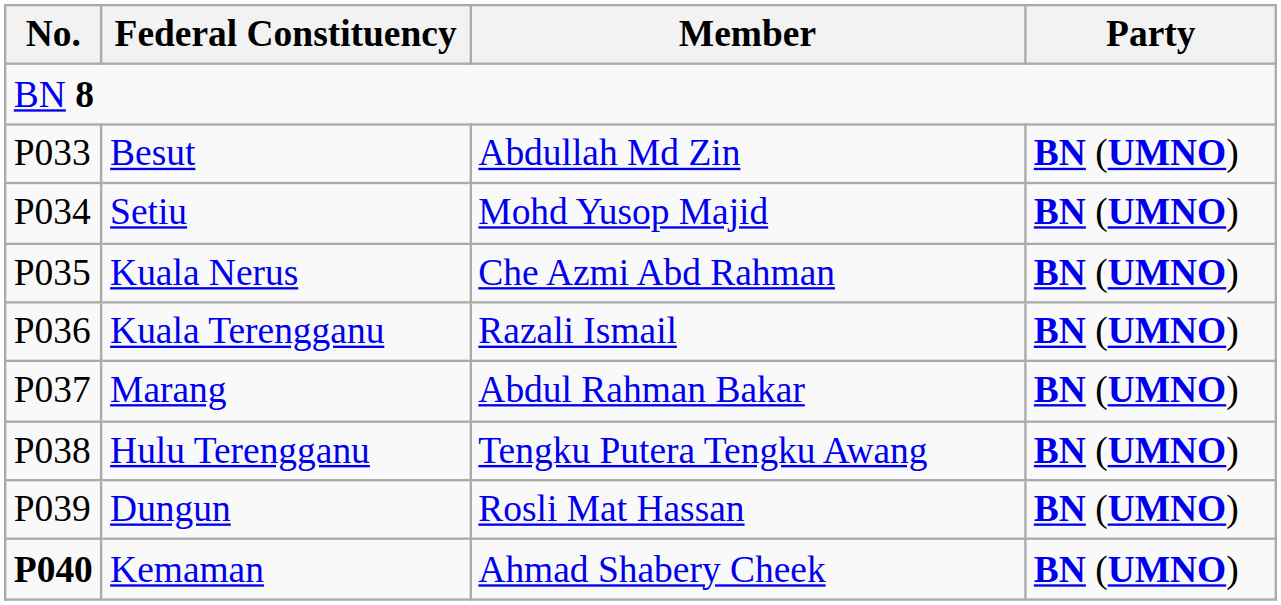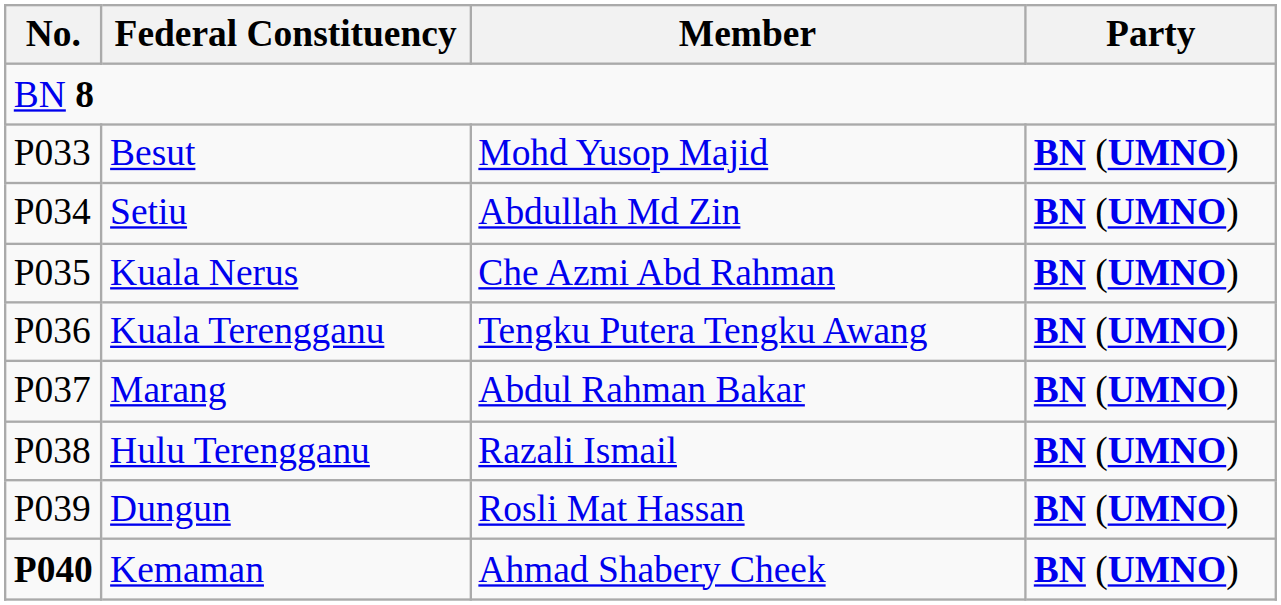 <table class="wikitable sortable">
 <tr>
 <th style="width:30px;">No.</th>
 <th style="width:150px;">Federal Constituency</th>
 <th style="width:230px;">Member</th>
 <th style="width:100px;">Party</th>
 </tr>
 <tr>
 <td colspan="4"><a href='#'>BN</a> <strong>8</strong></td>
 </tr>
 <tr>
 <td>P033</td>
 <td><a href='#'>Besut</a></td>
-<td><a href='#'>Abdullah Md Zin</a></td>
+<td><a href='#'>Mohd Yusop Majid</a></td>
 <td><strong><a href='#'>BN</a></strong> (<strong><a href='#'>UMNO</a></strong>)</td>
 </tr>
 <tr>
 <td>P034</td>
 <td><a href='#'>Setiu</a></td>
-<td><a href='#'>Mohd Yusop Majid</a></td>
+<td><a href='#'>Abdullah Md Zin</a></td>
 <td><strong><a href='#'>BN</a></strong> (<strong><a href='#'>UMNO</a></strong>)</td>
 </tr>
 <tr>
 <td>P035</td>
 <td><a href='#'>Kuala Nerus</a></td>
 <td><a href='#'>Che Azmi Abd Rahman</a></td>
 <td><strong><a href='#'>BN</a></strong> (<strong><a href='#'>UMNO</a></strong>)</td>
 </tr>
 <tr>
 <td>P036</td>
 <td><a href='#'>Kuala Terengganu</a></td>
-<td><a href='#'>Razali Ismail</a></td>
+<td><a href='#'>Tengku Putera Tengku Awang</a></td>
 <td><strong><a href='#'>BN</a></strong> (<strong><a href='#'>UMNO</a></strong>)</td>
 </tr>
 <tr>
 <td>P037</td>
 <td><a href='#'>Marang</a></td>
 <td><a href='#'>Abdul Rahman Bakar</a></td>
 <td><strong><a href='#'>BN</a></strong> (<strong><a href='#'>UMNO</a></strong>)</td>
 </tr>
 <tr>
 <td>P038</td>
 <td><a href='#'>Hulu Terengganu</a></td>
-<td><a href='#'>Tengku Putera Tengku Awang</a></td>
+<td><a href='#'>Razali Ismail</a></td>
 <td><strong><a href='#'>BN</a></strong> (<strong><a href='#'>UMNO</a></strong>)</td>
 </tr>
 <tr>
 <td>P039</td>
 <td><a href='#'>Dungun</a></td>
 <td><a href='#'>Rosli Mat Hassan</a></td>
 <td><strong><a href='#'>BN</a></strong> (<strong><a href='#'>UMNO</a></strong>)</td>
 </tr>
 <tr>
 <td><strong>P040</strong></td>
 <td><a href='#'>Kemaman</a></td>
 <td><a href='#'>Ahmad Shabery Cheek</a></td>
 <td><strong><a href='#'>BN</a></strong> (<strong><a href='#'>UMNO</a></strong>)</td>
 </tr>
 </table>
